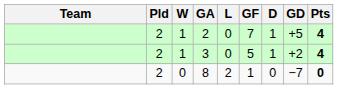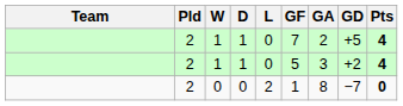 <table class="wikitable" style="text-align: center;">
 <tr>
 <th width="175">Team</th>
 <th width="20">Pld</th>
 <th width="20">W</th>
-<th width="20">GA</th>
+<th width="20">D</th>
 <th width="20">L</th>
 <th width="20">GF</th>
-<th width="20">D</th>
+<th width="20">GA</th>
 <th width="20">GD</th>
 <th width="20">Pts</th>
 </tr>
 <tr bgcolor="#ccffcc">
 <td align="left"></td>
 <td>2</td>
 <td>1</td>
-<td>2</td>
+<td>1</td>
 <td>0</td>
 <td>7</td>
-<td>1</td>
+<td>2</td>
 <td>+5</td>
 <td><strong>4</strong></td>
 </tr>
 <tr bgcolor="#ccffcc">
 <td align="left"></td>
 <td>2</td>
 <td>1</td>
-<td>3</td>
+<td>1</td>
 <td>0</td>
 <td>5</td>
-<td>1</td>
+<td>3</td>
 <td>+2</td>
 <td><strong>4</strong></td>
 </tr>
 <tr>
 <td align="left"></td>
 <td>2</td>
 <td>0</td>
-<td>8</td>
+<td>0</td>
 <td>2</td>
 <td>1</td>
-<td>0</td>
+<td>8</td>
 <td>−7</td>
 <td><strong>0</strong></td>
 </tr>
 </table>
